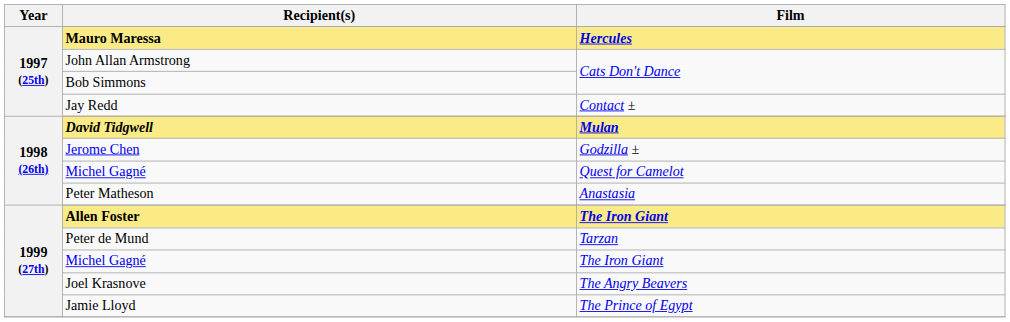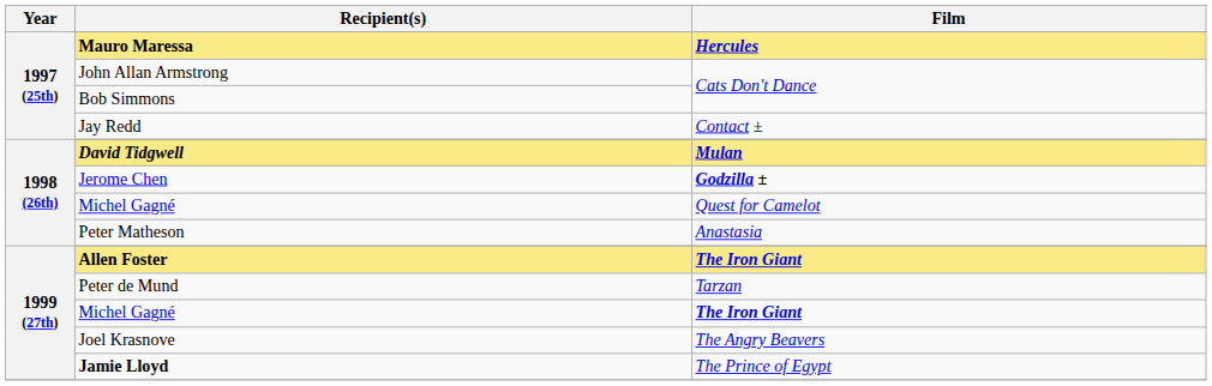 <table class="wikitable" style="width:90%;">
 <tr>
 <th style="width:3%;">Year</th>
 <th style="width:30%;">Recipient(s)</th>
 <th style="width:25%;">Film</th>
 </tr>
 <tr>
 <th rowspan="5" style="text-align:center;">1997 <br><small>(<a href='#'>25th</a>)</small><br></th>
 </tr>
 <tr style="background:#FAEB86;">
 <td><strong>Mauro Maressa</strong></td>
 <td><strong><em><a href='#'>Hercules</a></em></strong></td>
 </tr>
 <tr>
 <td>John Allan Armstrong</td>
 <td rowspan="2"><em><a href='#'>Cats Don't Dance</a></em></td>
 </tr>
 <tr>
 <td>Bob Simmons</td>
 </tr>
 <tr>
 <td>Jay Redd</td>
 <td><em><a href='#'>Contact</a></em> ±</td>
 </tr>
 <tr>
 <th rowspan="5" style="text-align:center;">1998<br><small><a href='#'>(26th)</a></small><br></th>
 </tr>
 <tr style="background:#FAEB86;">
 <td><strong><em>David Tidgwell</em></strong></td>
 <td><strong><em><a href='#'>Mulan</a></em></strong></td>
 </tr>
 <tr>
 <td><a href='#'>Jerome Chen</a></td>
-<td><em><a href='#'>Godzilla</a></em> ±</td>
+<td><strong><em><a href='#'>Godzilla</a></em> ±</strong></td>
 </tr>
 <tr>
 <td><a href='#'>Michel Gagné</a></td>
 <td><em><a href='#'>Quest for Camelot</a></em></td>
 </tr>
 <tr>
 <td>Peter Matheson</td>
 <td><em><a href='#'>Anastasia</a></em></td>
 </tr>
 <tr>
 <th rowspan="6" style="text-align:center;">1999 <br><small>(<a href='#'>27th</a>)</small><br></th>
 </tr>
 <tr style="background:#FAEB86;">
 <td><strong>Allen Foster</strong></td>
 <td><strong><em><a href='#'>The Iron Giant</a></em></strong></td>
 </tr>
 <tr>
 <td>Peter de Mund</td>
 <td><em><a href='#'>Tarzan</a></em></td>
 </tr>
 <tr>
 <td><a href='#'>Michel Gagné</a></td>
-<td><em><a href='#'>The Iron Giant</a></em></td>
+<td><strong><em><a href='#'>The Iron Giant</a></em></strong></td>
 </tr>
 <tr>
 <td>Joel Krasnove</td>
 <td><em><a href='#'>The Angry Beavers</a></em></td>
 </tr>
 <tr>
-<td>Jamie Lloyd</td>
+<td><strong>Jamie Lloyd</strong></td>
 <td><em><a href='#'>The Prince of Egypt</a></em></td>
 </tr>
 <tr>
 </tr>
 </table>
